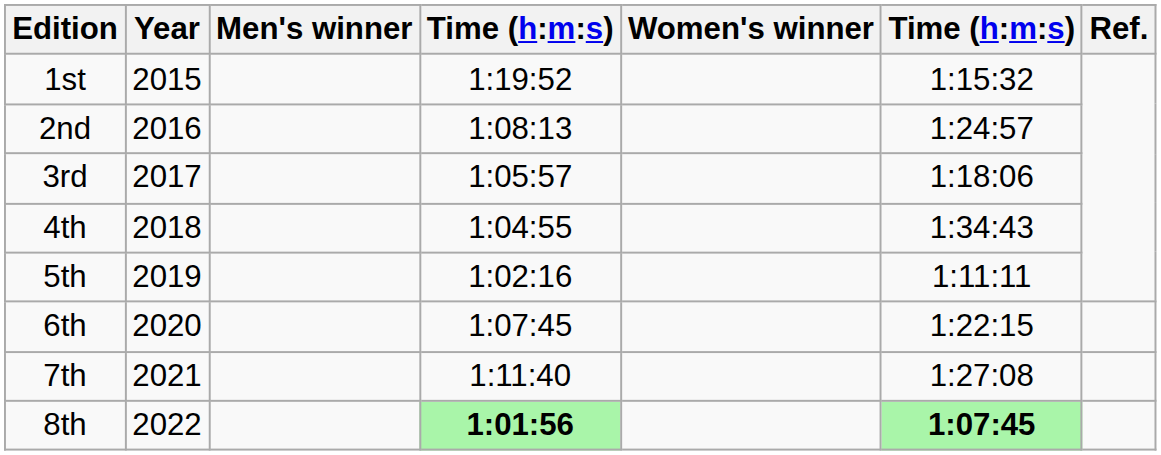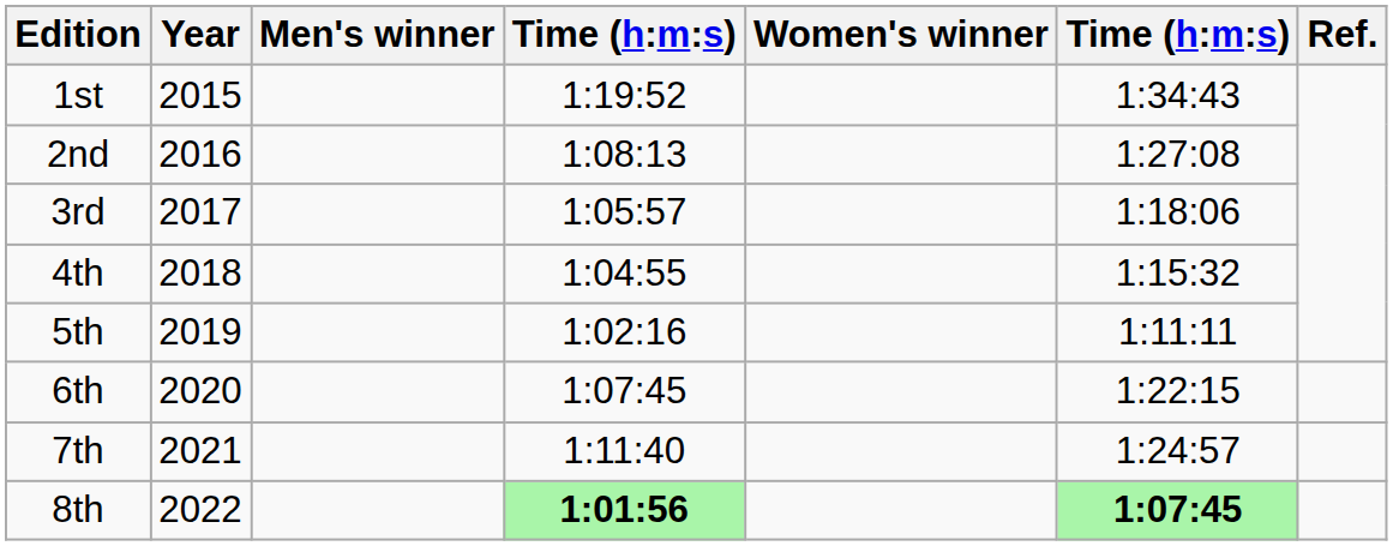 <table class="wikitable sortable" style="text-align:center">
 <tr>
 <th class=unsortable>Edition</th>
 <th>Year</th>
 <th class=unsortable>Men's winner</th>
 <th>Time (<a href='#'>h</a>:<a href='#'>m</a>:<a href='#'>s</a>)</th>
 <th class=unsortable>Women's winner</th>
 <th>Time (<a href='#'>h</a>:<a href='#'>m</a>:<a href='#'>s</a>)</th>
 <th>Ref.</th>
 </tr>
 <tr>
 <td>1st</td>
 <td>2015</td>
 <td align=left></td>
 <td>1:19:52</td>
 <td align=left></td>
-<td>1:15:32</td>
+<td>1:34:43</td>
 </tr>
 <tr>
 <td>2nd</td>
 <td>2016</td>
 <td align=left></td>
 <td>1:08:13</td>
 <td align=left></td>
-<td>1:24:57</td>
+<td>1:27:08</td>
 </tr>
 <tr>
 <td>3rd</td>
 <td>2017</td>
 <td align=left></td>
 <td>1:05:57</td>
 <td align=left></td>
 <td>1:18:06</td>
 </tr>
 <tr>
 <td>4th</td>
 <td>2018</td>
 <td align=left></td>
 <td>1:04:55</td>
 <td align=left></td>
-<td>1:34:43</td>
+<td>1:15:32</td>
 </tr>
 <tr>
 <td>5th</td>
 <td>2019</td>
 <td align=left></td>
 <td>1:02:16</td>
 <td align=left></td>
 <td>1:11:11</td>
 </tr>
 <tr>
 <td>6th</td>
 <td>2020</td>
 <td align=left></td>
 <td>1:07:45</td>
 <td align=left></td>
 <td>1:22:15</td>
 <td></td>
 </tr>
 <tr>
 <td>7th</td>
 <td>2021</td>
 <td align=left></td>
 <td>1:11:40</td>
 <td align=left></td>
-<td>1:27:08</td>
+<td>1:24:57</td>
 <td></td>
 </tr>
 <tr>
 <td>8th</td>
 <td>2022</td>
 <td align=left></td>
 <td bgcolor=#A9F5A9><strong>1:01:56</strong></td>
 <td align=left></td>
 <td bgcolor=#A9F5A9><strong>1:07:45</strong></td>
 <td></td>
 </tr>
 </table>
